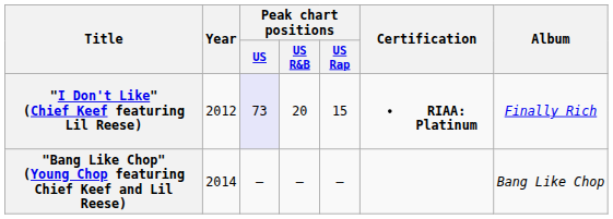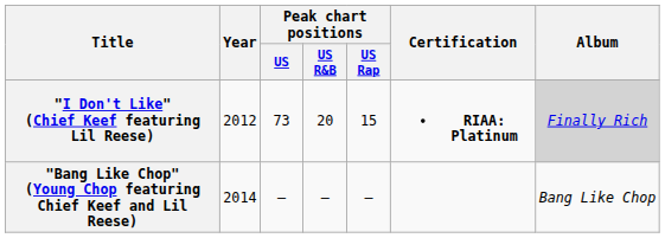 <table class="wikitable plainrowheaders" style="text-align:center;">
 <tr>
 <th scope="col" rowspan="2" style="width:15em;">Title</th>
 <th scope="col" rowspan="2">Year</th>
 <th scope="col" colspan="3">Peak chart positions</th>
 <th scope="col" rowspan="2" style="width:10em;">Certification</th>
 <th scope="col" rowspan="2">Album</th>
 </tr>
 <tr>
 <th scope="col" style="width:3em;font-size:90%;"><a href='#'>US</a><br></th>
 <th scope="col" style="width:3em;font-size:90%;"><a href='#'>US<br>R&B</a><br></th>
 <th scope="col" style="width:3em;font-size:90%;"><a href='#'>US<br>Rap</a><br></th>
 </tr>
 <tr>
 <th scope="row">"<a href='#'>I Don't Like</a>"<br><span>(<a href='#'>Chief Keef</a> featuring Lil Reese)</span></th>
 <td>2012</td>
-<td style="background: lavender;">73</td>
+<td>73</td>
 <td>20</td>
 <td>15</td>
 <td><strong><br><ul><li>RIAA: Platinum</li></ul></strong></td>
-<td><em><a href='#'>Finally Rich</a></em></td>
+<td style="background: lightgrey;"><em><a href='#'>Finally Rich</a></em></td>
 </tr>
 <tr>
 <th scope="row">"Bang Like Chop"<br><span>(<a href='#'>Young Chop</a> featuring Chief Keef and Lil Reese)</span></th>
 <td>2014</td>
 <td>—</td>
 <td>—</td>
 <td>—</td>
 <td></td>
 <td><em>Bang Like Chop</em></td>
 </tr>
 </table>
